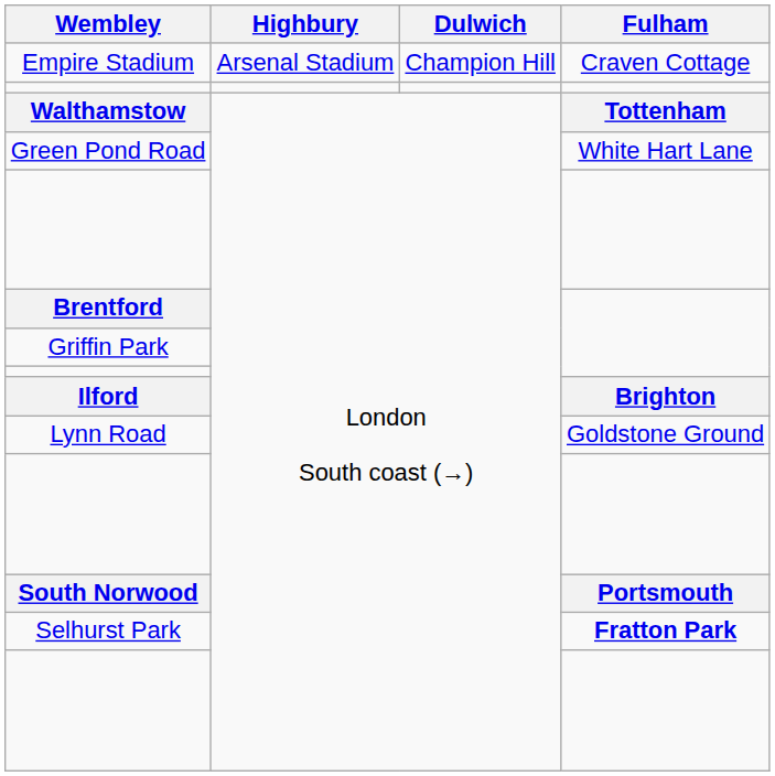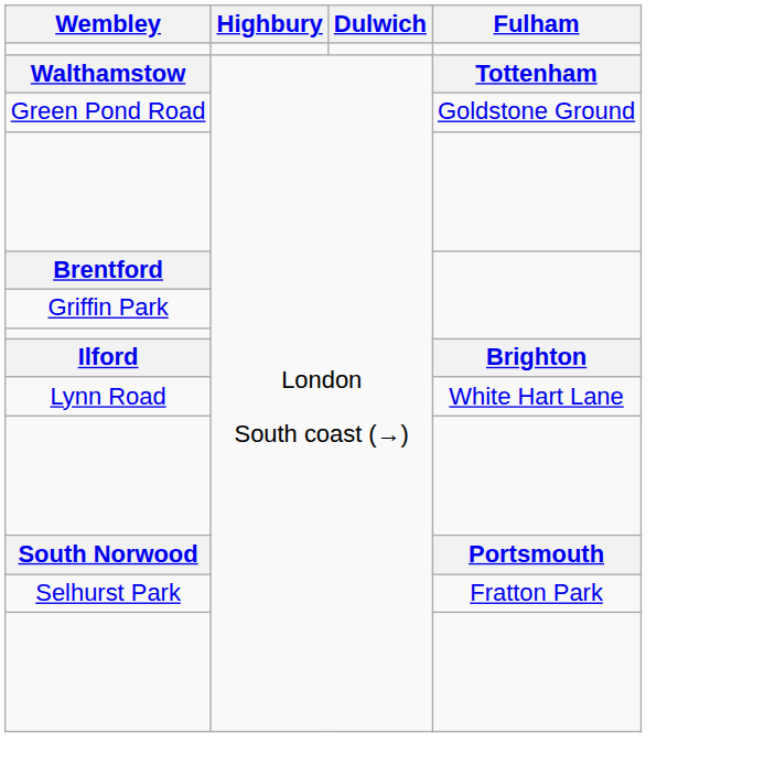 <table class="wikitable" style="text-align:center">
 <tr>
 <th><a href='#'>Wembley</a></th>
 <th><a href='#'>Highbury</a></th>
 <th><a href='#'>Dulwich</a></th>
 <th><a href='#'>Fulham</a></th>
-</tr>
-<tr>
-<td><a href='#'>Empire Stadium</a></td>
-<td><a href='#'>Arsenal Stadium</a></td>
-<td><a href='#'>Champion Hill</a></td>
-<td><a href='#'>Craven Cottage</a></td>
 </tr>
 <tr>
 <td></td>
 <td></td>
 <td></td>
 <td></td>
 </tr>
 <tr>
 <th><a href='#'>Walthamstow</a></th>
 <td colspan=2 rowspan=12><br> London<br> <br>  South coast (→)</td>
 <th><a href='#'>Tottenham</a></th>
 </tr>
 <tr>
 <td><a href='#'>Green Pond Road</a></td>
-<td><a href='#'>White Hart Lane</a></td>
+<td><a href='#'>Goldstone Ground</a></td>
 </tr>
 <tr>
 <td><br><br><br><br></td>
 <td></td>
 </tr>
 <tr>
 <th><a href='#'>Brentford</a></th>
 <td rowspan=3></td>
 </tr>
 <tr>
 <td><a href='#'>Griffin Park</a></td>
 </tr>
 <tr>
 <td></td>
 </tr>
 <tr>
 <th><a href='#'>Ilford</a></th>
 <th><a href='#'>Brighton</a></th>
 </tr>
 <tr>
 <td><a href='#'>Lynn Road</a></td>
-<td><a href='#'>Goldstone Ground</a></td>
+<td><a href='#'>White Hart Lane</a></td>
 </tr>
 <tr>
 <td><br><br><br><br></td>
 <td></td>
 </tr>
 <tr>
 <th><a href='#'>South Norwood</a></th>
 <th><a href='#'>Portsmouth</a></th>
 </tr>
 <tr>
 <td><a href='#'>Selhurst Park</a></td>
-<td><strong><a href='#'>Fratton Park</a></strong></td>
+<td><a href='#'>Fratton Park</a></td>
 </tr>
 <tr>
 <td><br><br><br><br></td>
 <td><br><br><br><br></td>
 </tr>
 </table>
